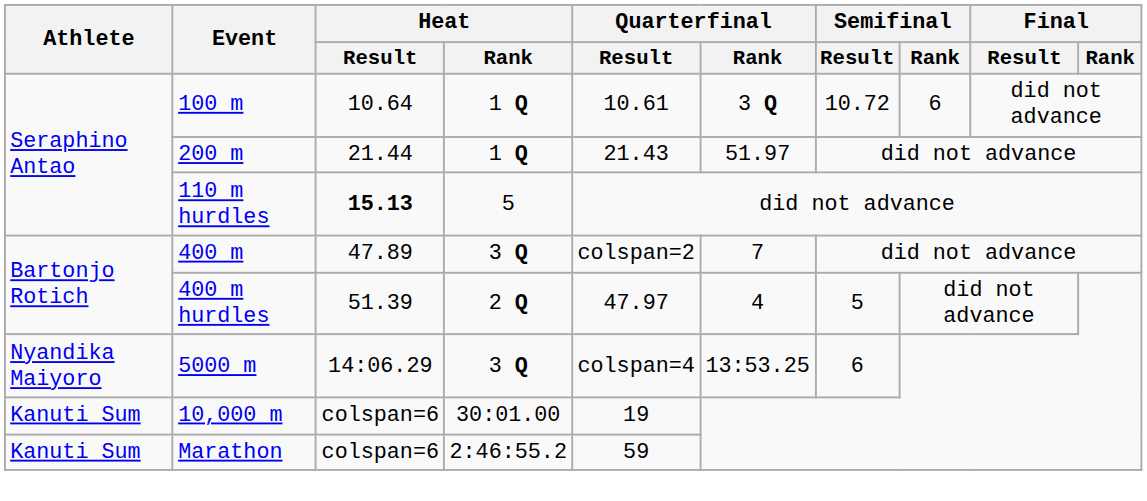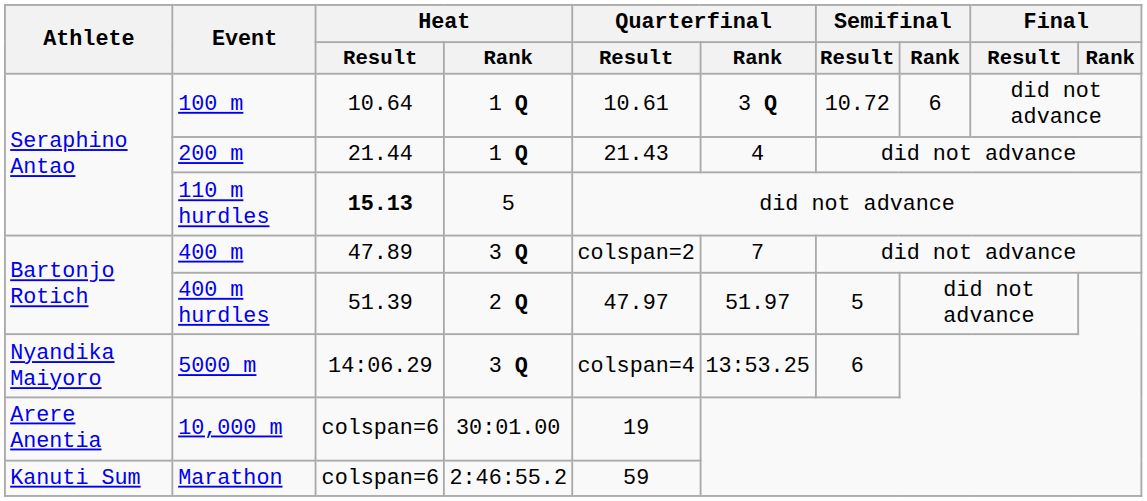 <table class="wikitable" style="font-size:90%">
 <tr>
 <th rowspan="2">Athlete</th>
 <th rowspan="2">Event</th>
 <th colspan="2">Heat</th>
 <th colspan="2">Quarterfinal</th>
 <th colspan="2">Semifinal</th>
 <th colspan="2">Final</th>
 </tr>
 <tr style="font-size:95%">
 <th>Result</th>
 <th>Rank</th>
 <th>Result</th>
 <th>Rank</th>
 <th>Result</th>
 <th>Rank</th>
 <th>Result</th>
 <th>Rank</th>
 </tr>
 <tr align=center>
 <td align=left rowspan=3><a href='#'>Seraphino Antao</a></td>
 <td align=left><a href='#'>100 m</a></td>
 <td>10.64</td>
 <td>1 <strong>Q</strong></td>
 <td>10.61</td>
 <td>3 <strong>Q</strong></td>
 <td>10.72</td>
 <td>6</td>
 <td colspan=2>did not advance</td>
 </tr>
 <tr align=center>
 <td align=left><a href='#'>200 m</a></td>
 <td>21.44</td>
 <td>1 <strong>Q</strong></td>
 <td>21.43</td>
-<td>51.97</td>
+<td>4</td>
 <td colspan=4>did not advance</td>
 </tr>
 <tr align=center>
 <td align=left><a href='#'>110 m hurdles</a></td>
 <td><strong>15.13</strong></td>
 <td>5</td>
 <td colspan=6>did not advance</td>
 </tr>
 <tr align=center>
 <td align=left rowspan=2><a href='#'>Bartonjo Rotich</a></td>
 <td align=left><a href='#'>400 m</a></td>
 <td>47.89</td>
 <td>3 <strong>Q</strong></td>
 <td>colspan=2 </td>
 <td>7</td>
 <td colspan=4>did not advance</td>
 </tr>
 <tr align=center>
 <td align=left><a href='#'>400 m hurdles</a></td>
 <td>51.39</td>
 <td>2 <strong>Q</strong></td>
 <td>47.97</td>
-<td>4</td>
+<td>51.97</td>
 <td>5</td>
 <td colspan=2>did not advance</td>
 </tr>
 <tr align=center>
 <td align=left><a href='#'>Nyandika Maiyoro</a></td>
 <td align=left><a href='#'>5000 m</a></td>
 <td>14:06.29</td>
 <td>3 <strong>Q</strong></td>
 <td>colspan=4 </td>
 <td>13:53.25</td>
 <td>6</td>
 </tr>
 <tr align=center>
-<td align=left><a href='#'>Kanuti Sum</a></td>
+<td align=left><a href='#'>Arere Anentia</a></td>
 <td align=left><a href='#'>10,000 m</a></td>
 <td>colspan=6 </td>
 <td>30:01.00</td>
 <td>19</td>
 </tr>
 <tr align=center>
 <td align=left><a href='#'>Kanuti Sum</a></td>
 <td align=left><a href='#'>Marathon</a></td>
 <td>colspan=6 </td>
 <td>2:46:55.2</td>
 <td>59</td>
 </tr>
 </table>
